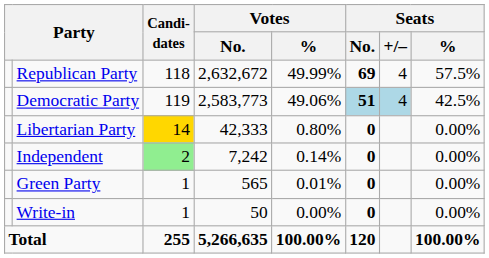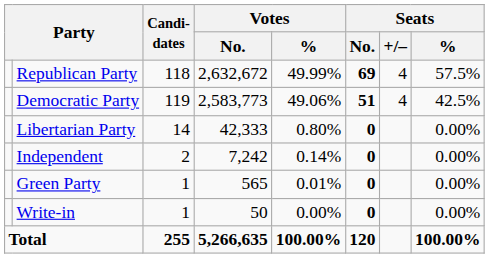 <table class="wikitable" style="font-size:100%; text-align:right;">
 <tr>
 <th colspan=2 rowspan=2>Party</th>
 <th rowspan=2><small>Candi-<br>dates</small></th>
 <th colspan=2>Votes</th>
 <th colspan=3>Seats</th>
 </tr>
 <tr>
 <th>No.</th>
 <th>%</th>
 <th>No.</th>
 <th>+/–</th>
 <th>%</th>
 </tr>
 <tr>
 <td style="background:"></td>
 <td align=left><a href='#'>Republican Party</a></td>
 <td>118</td>
 <td>2,632,672</td>
 <td>49.99%</td>
 <td><strong>69</strong></td>
 <td>4</td>
 <td>57.5%</td>
 </tr>
 <tr>
 <td style="background:"></td>
 <td align=left><a href='#'>Democratic Party</a></td>
 <td>119</td>
 <td>2,583,773</td>
 <td>49.06%</td>
-<td style="background: lightblue;"><strong>51</strong></td>
-<td style="background: lightblue;">4</td>
+<td><strong>51</strong></td>
+<td>4</td>
 <td>42.5%</td>
 </tr>
 <tr>
 <td style="background:"></td>
 <td align=left><a href='#'>Libertarian Party</a></td>
-<td style="background: gold;">14</td>
+<td>14</td>
 <td>42,333</td>
 <td>0.80%</td>
 <td><strong>0</strong></td>
 <td></td>
 <td>0.00%</td>
 </tr>
 <tr>
 <td style="background:"></td>
 <td align=left><a href='#'>Independent</a></td>
-<td style="background: lightgreen;">2</td>
+<td>2</td>
 <td>7,242</td>
 <td>0.14%</td>
 <td><strong>0</strong></td>
 <td></td>
 <td>0.00%</td>
 </tr>
 <tr>
 <td style="background:"></td>
 <td align=left><a href='#'>Green Party</a></td>
 <td>1</td>
 <td>565</td>
 <td>0.01%</td>
 <td><strong>0</strong></td>
 <td></td>
 <td>0.00%</td>
 </tr>
 <tr>
 <td style="background:"></td>
 <td align=left><a href='#'>Write-in</a></td>
 <td>1</td>
 <td>50</td>
 <td>0.00%</td>
 <td><strong>0</strong></td>
 <td></td>
 <td>0.00%</td>
 </tr>
 <tr style="font-weight:bold">
 <td colspan=2 align=left>Total</td>
 <td>255</td>
 <td>5,266,635</td>
 <td>100.00%</td>
 <td>120</td>
 <td></td>
 <td>100.00%</td>
 </tr>
 </table>
